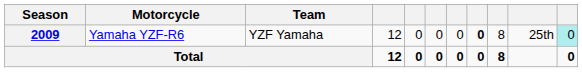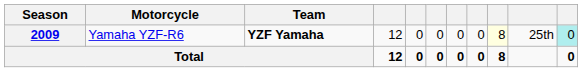 <table class="wikitable" style="font-size:98%; text-align:right; width:700px;">
 <tr>
 <th>Season</th>
 <th>Motorcycle</th>
 <th>Team</th>
 <th></th>
 <th></th>
 <th></th>
 <th></th>
 <th></th>
 <th></th>
 <th></th>
 <th></th>
 </tr>
 <tr>
 <th><a href='#'>2009</a></th>
 <td align="left"><a href='#'>Yamaha YZF-R6</a></td>
-<td align="left">YZF Yamaha</td>
+<td align="left"><strong>YZF Yamaha</strong></td>
 <td>12</td>
 <td>0</td>
 <td>0</td>
 <td>0</td>
-<td><strong>0</strong></td>
-<td>8</td>
+<td>0</td>
+<td style="background: lightyellow;">8</td>
 <td>25th</td>
 <td style="background: paleturquoise;">0</td>
 </tr>
 <tr>
 <th colspan=3>Total</th>
 <td><strong>12</strong></td>
 <td><strong>0</strong></td>
 <td><strong>0</strong></td>
 <td><strong>0</strong></td>
 <td><strong>0</strong></td>
 <td><strong>8</strong></td>
 <td></td>
 <td><strong>0</strong></td>
 </tr>
 </table>
